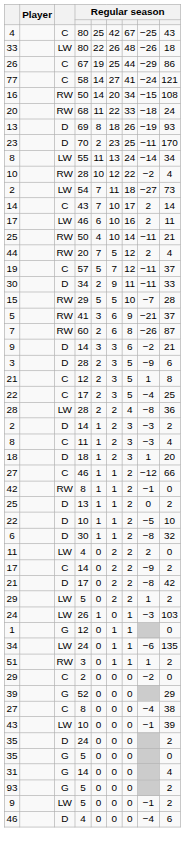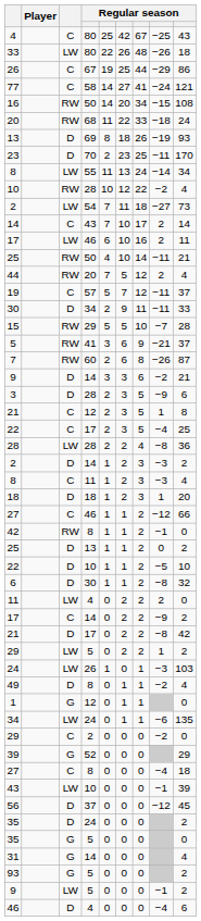 <table class="wikitable sortable plainrowheaders" style="text-align:center;">
 <tr>
 <th scope="col" data-sort-type="number" rowspan="2"></th>
 <th scope="col" rowspan="2">Player</th>
 <th scope="col" rowspan="2"></th>
 <th scope=colgroup colspan=6>Regular season</th>
 </tr>
 <tr>
 <th scope="col" data-sort-type="number"></th>
 <th scope="col" data-sort-type="number"></th>
 <th scope="col" data-sort-type="number"></th>
 <th scope="col" data-sort-type="number"></th>
 <th scope="col" data-sort-type="number"></th>
 <th scope="col" data-sort-type="number"></th>
 </tr>
 <tr>
 <td scope="row">4</td>
 <td align="left"></td>
 <td>C</td>
 <td>80</td>
 <td>25</td>
 <td>42</td>
 <td>67</td>
 <td>−25</td>
 <td>43</td>
 </tr>
 <tr>
 <td scope="row">33</td>
 <td align="left"></td>
 <td>LW</td>
 <td>80</td>
 <td>22</td>
 <td>26</td>
 <td>48</td>
 <td>−26</td>
 <td>18</td>
 </tr>
 <tr>
 <td scope="row">26</td>
 <td align="left"></td>
 <td>C</td>
 <td>67</td>
 <td>19</td>
 <td>25</td>
 <td>44</td>
 <td>−29</td>
 <td>86</td>
 </tr>
 <tr>
 <td scope="row">77</td>
 <td align="left"></td>
 <td>C</td>
 <td>58</td>
 <td>14</td>
 <td>27</td>
 <td>41</td>
 <td>−24</td>
 <td>121</td>
 </tr>
 <tr>
 <td scope="row">16</td>
 <td align="left"></td>
 <td>RW</td>
 <td>50</td>
 <td>14</td>
 <td>20</td>
 <td>34</td>
 <td>−15</td>
 <td>108</td>
 </tr>
 <tr>
 <td scope="row">20</td>
 <td align="left"></td>
 <td>RW</td>
 <td>68</td>
 <td>11</td>
 <td>22</td>
 <td>33</td>
 <td>−18</td>
 <td>24</td>
 </tr>
 <tr>
 <td scope="row">13</td>
 <td align="left"></td>
 <td>D</td>
 <td>69</td>
 <td>8</td>
 <td>18</td>
 <td>26</td>
 <td>−19</td>
 <td>93</td>
 </tr>
 <tr>
 <td scope="row">23</td>
 <td align="left"></td>
 <td>D</td>
 <td>70</td>
 <td>2</td>
 <td>23</td>
 <td>25</td>
 <td>−11</td>
 <td>170</td>
 </tr>
 <tr>
 <td scope="row">8</td>
 <td align="left"></td>
 <td>LW</td>
 <td>55</td>
 <td>11</td>
 <td>13</td>
 <td>24</td>
 <td>−14</td>
 <td>34</td>
 </tr>
 <tr>
 <td scope="row">10</td>
 <td align="left"></td>
 <td>RW</td>
 <td>28</td>
 <td>10</td>
 <td>12</td>
 <td>22</td>
 <td>−2</td>
 <td>4</td>
 </tr>
 <tr>
 <td scope="row">2</td>
 <td align="left"></td>
 <td>LW</td>
 <td>54</td>
 <td>7</td>
 <td>11</td>
 <td>18</td>
 <td>−27</td>
 <td>73</td>
 </tr>
 <tr>
 <td scope="row">14</td>
 <td align="left"></td>
 <td>C</td>
 <td>43</td>
 <td>7</td>
 <td>10</td>
 <td>17</td>
 <td>2</td>
 <td>14</td>
 </tr>
 <tr>
 <td scope="row">17</td>
 <td align="left"></td>
 <td>LW</td>
 <td>46</td>
 <td>6</td>
 <td>10</td>
 <td>16</td>
 <td>2</td>
 <td>11</td>
 </tr>
 <tr>
 <td scope="row">25</td>
 <td align="left"></td>
 <td>RW</td>
 <td>50</td>
 <td>4</td>
 <td>10</td>
 <td>14</td>
 <td>−11</td>
 <td>21</td>
 </tr>
 <tr>
 <td scope="row">44</td>
 <td align="left"></td>
 <td>RW</td>
 <td>20</td>
 <td>7</td>
 <td>5</td>
 <td>12</td>
 <td>2</td>
 <td>4</td>
 </tr>
 <tr>
 <td scope="row">19</td>
 <td align="left"></td>
 <td>C</td>
 <td>57</td>
 <td>5</td>
 <td>7</td>
 <td>12</td>
 <td>−11</td>
 <td>37</td>
 </tr>
 <tr>
 <td scope="row">30</td>
 <td align="left"></td>
 <td>D</td>
 <td>34</td>
 <td>2</td>
 <td>9</td>
 <td>11</td>
 <td>−11</td>
 <td>33</td>
 </tr>
 <tr>
 <td scope="row">15</td>
 <td align="left"></td>
 <td>RW</td>
 <td>29</td>
 <td>5</td>
 <td>5</td>
 <td>10</td>
 <td>−7</td>
 <td>28</td>
 </tr>
 <tr>
 <td scope="row">5</td>
 <td align="left"></td>
 <td>RW</td>
 <td>41</td>
 <td>3</td>
 <td>6</td>
 <td>9</td>
 <td>−21</td>
 <td>37</td>
 </tr>
 <tr>
 <td scope="row">7</td>
 <td align="left"></td>
 <td>RW</td>
 <td>60</td>
 <td>2</td>
 <td>6</td>
 <td>8</td>
 <td>−26</td>
 <td>87</td>
 </tr>
 <tr>
 <td scope="row">9</td>
 <td align="left"></td>
 <td>D</td>
 <td>14</td>
 <td>3</td>
 <td>3</td>
 <td>6</td>
 <td>−2</td>
 <td>21</td>
 </tr>
 <tr>
 <td scope="row">3</td>
 <td align="left"></td>
 <td>D</td>
 <td>28</td>
 <td>2</td>
 <td>3</td>
 <td>5</td>
 <td>−9</td>
 <td>6</td>
 </tr>
 <tr>
 <td scope="row">21</td>
 <td align="left"></td>
 <td>C</td>
 <td>12</td>
 <td>2</td>
 <td>3</td>
 <td>5</td>
 <td>1</td>
 <td>8</td>
 </tr>
 <tr>
 <td scope="row">22</td>
 <td align="left"></td>
 <td>C</td>
 <td>17</td>
 <td>2</td>
 <td>3</td>
 <td>5</td>
 <td>−4</td>
 <td>25</td>
 </tr>
 <tr>
 <td scope="row">28</td>
 <td align="left"></td>
 <td>LW</td>
 <td>28</td>
 <td>2</td>
 <td>2</td>
 <td>4</td>
 <td>−8</td>
 <td>36</td>
 </tr>
 <tr>
 <td scope="row">2</td>
 <td align="left"></td>
 <td>D</td>
 <td>14</td>
 <td>1</td>
 <td>2</td>
 <td>3</td>
 <td>−3</td>
 <td>2</td>
 </tr>
 <tr>
 <td scope="row">8</td>
 <td align="left"></td>
 <td>C</td>
 <td>11</td>
 <td>1</td>
 <td>2</td>
 <td>3</td>
 <td>−3</td>
 <td>4</td>
 </tr>
 <tr>
 <td scope="row">18</td>
 <td align="left"></td>
 <td>D</td>
 <td>18</td>
 <td>1</td>
 <td>2</td>
 <td>3</td>
 <td>1</td>
 <td>20</td>
 </tr>
 <tr>
 <td scope="row">27</td>
 <td align="left"></td>
 <td>C</td>
 <td>46</td>
 <td>1</td>
 <td>1</td>
 <td>2</td>
 <td>−12</td>
 <td>66</td>
 </tr>
 <tr>
 <td scope="row">42</td>
 <td align="left"></td>
 <td>RW</td>
 <td>8</td>
 <td>1</td>
 <td>1</td>
 <td>2</td>
 <td>−1</td>
 <td>0</td>
 </tr>
 <tr>
 <td scope="row">25</td>
 <td align="left"></td>
 <td>D</td>
 <td>13</td>
 <td>1</td>
 <td>1</td>
 <td>2</td>
 <td>0</td>
 <td>2</td>
 </tr>
 <tr>
 <td scope="row">22</td>
 <td align="left"></td>
 <td>D</td>
 <td>10</td>
 <td>1</td>
 <td>1</td>
 <td>2</td>
 <td>−5</td>
 <td>10</td>
 </tr>
 <tr>
 <td scope="row">6</td>
 <td align="left"></td>
 <td>D</td>
 <td>30</td>
 <td>1</td>
 <td>1</td>
 <td>2</td>
 <td>−8</td>
 <td>32</td>
 </tr>
 <tr>
 <td scope="row">11</td>
 <td align="left"></td>
 <td>LW</td>
 <td>4</td>
 <td>0</td>
 <td>2</td>
 <td>2</td>
 <td>2</td>
 <td>0</td>
 </tr>
 <tr>
 <td scope="row">17</td>
 <td align="left"></td>
 <td>C</td>
 <td>14</td>
 <td>0</td>
 <td>2</td>
 <td>2</td>
 <td>−9</td>
 <td>2</td>
 </tr>
 <tr>
 <td scope="row">21</td>
 <td align="left"></td>
 <td>D</td>
 <td>17</td>
 <td>0</td>
 <td>2</td>
 <td>2</td>
 <td>−8</td>
 <td>42</td>
 </tr>
 <tr>
 <td scope="row">29</td>
 <td align="left"></td>
 <td>LW</td>
 <td>5</td>
 <td>0</td>
 <td>2</td>
 <td>2</td>
 <td>1</td>
 <td>2</td>
 </tr>
 <tr>
 <td scope="row">24</td>
 <td align="left"></td>
 <td>LW</td>
 <td>26</td>
 <td>1</td>
 <td>0</td>
 <td>1</td>
 <td>−3</td>
 <td>103</td>
 </tr>
 <tr>
+<td scope="row">49</td>
+<td align="left"></td>
+<td>D</td>
+<td>8</td>
+<td>0</td>
+<td>1</td>
+<td>1</td>
+<td>−2</td>
+<td>4</td>
+</tr>
+<tr>
 <td scope="row">1</td>
 <td align="left"></td>
 <td>G</td>
 <td>12</td>
 <td>0</td>
 <td>1</td>
 <td>1</td>
 <td style="background:#ccc"></td>
 <td>0</td>
 </tr>
 <tr>
 <td scope="row">34</td>
 <td align="left"></td>
 <td>LW</td>
 <td>24</td>
 <td>0</td>
 <td>1</td>
 <td>1</td>
 <td>−6</td>
 <td>135</td>
-</tr>
-<tr>
-<td scope="row">51</td>
-<td align="left"></td>
-<td>RW</td>
-<td>3</td>
-<td>0</td>
-<td>1</td>
-<td>1</td>
-<td>1</td>
-<td>2</td>
 </tr>
 <tr>
 <td scope="row">29</td>
 <td align="left"></td>
 <td>C</td>
 <td>2</td>
 <td>0</td>
 <td>0</td>
 <td>0</td>
 <td>−2</td>
 <td>0</td>
 </tr>
 <tr>
 <td scope="row">39</td>
 <td align="left"></td>
 <td>G</td>
 <td>52</td>
 <td>0</td>
 <td>0</td>
 <td>0</td>
 <td style="background:#ccc"></td>
 <td>29</td>
 </tr>
 <tr>
 <td scope="row">27</td>
 <td align="left"></td>
 <td>C</td>
 <td>8</td>
 <td>0</td>
 <td>0</td>
 <td>0</td>
 <td>−4</td>
-<td>38</td>
+<td>18</td>
 </tr>
 <tr>
 <td scope="row">43</td>
 <td align="left"></td>
 <td>LW</td>
 <td>10</td>
 <td>0</td>
 <td>0</td>
 <td>0</td>
 <td>−1</td>
 <td>39</td>
+</tr>
+<tr>
+<td scope="row">56</td>
+<td align="left"></td>
+<td>D</td>
+<td>37</td>
+<td>0</td>
+<td>0</td>
+<td>0</td>
+<td>−12</td>
+<td>45</td>
 </tr>
 <tr>
 <td scope="row">35</td>
 <td align="left"></td>
 <td>D</td>
 <td>24</td>
 <td>0</td>
 <td>0</td>
 <td>0</td>
 <td style="background:#ccc"></td>
 <td>2</td>
 </tr>
 <tr>
 <td scope="row">35</td>
 <td align="left"></td>
 <td>G</td>
 <td>5</td>
 <td>0</td>
 <td>0</td>
 <td>0</td>
 <td style="background:#ccc"></td>
 <td>0</td>
 </tr>
 <tr>
 <td scope="row">31</td>
 <td align="left"></td>
 <td>G</td>
 <td>14</td>
 <td>0</td>
 <td>0</td>
 <td>0</td>
 <td style="background:#ccc"></td>
 <td>4</td>
 </tr>
 <tr>
 <td scope="row">93</td>
 <td align="left"></td>
 <td>G</td>
 <td>5</td>
 <td>0</td>
 <td>0</td>
 <td>0</td>
 <td style="background:#ccc"></td>
 <td>2</td>
 </tr>
 <tr>
 <td scope="row">9</td>
 <td align="left"></td>
 <td>LW</td>
 <td>5</td>
 <td>0</td>
 <td>0</td>
 <td>0</td>
 <td>−1</td>
 <td>2</td>
 </tr>
 <tr>
 <td scope="row">46</td>
 <td align="left"></td>
 <td>D</td>
 <td>4</td>
 <td>0</td>
 <td>0</td>
 <td>0</td>
 <td>−4</td>
 <td>6</td>
 </tr>
 </table>
